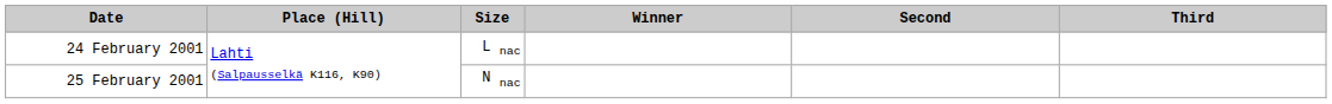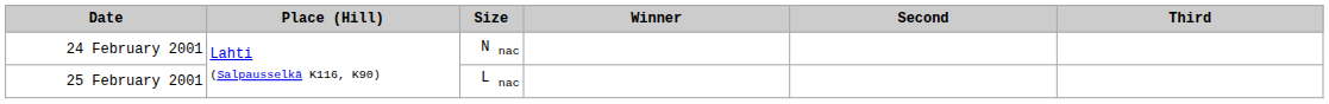 <table class="wikitable plainrowheaders" style="background:#fff; font-size:86%; width:82%; line-height:16px; border:grey solid 1px; border-collapse:collapse;">
 <tr style="background:#ccc; text-align:center;">
 <th scope="col" style="background:#ccc; width:138px;">Date</th>
 <th scope="col" style="background:#ccc; width:175px;">Place (Hill)</th>
 <th scope="col" style="background:#ccc; width:40px;">Size</th>
 <th scope="col" style="background:#ccc; width:185px;">Winner</th>
 <th scope="col" style="background:#ccc; width:185px;">Second</th>
 <th scope="col" style="background:#ccc; width:185px;">Third</th>
 </tr>
 <tr>
 <td align=right>24 February 2001</td>
 <td rowspan=2> <a href='#'>Lahti</a><br><small>(<a href='#'>Salpausselkä</a> K116, K90)</small></td>
-<td align=right>L <sub>nac</sub></td>
+<td align=right>N <sub>nac</sub></td>
 <td></td>
 <td></td>
 <td></td>
 </tr>
 <tr>
 <td align=right>25 February 2001</td>
-<td align=right>N <sub>nac</sub></td>
+<td align=right>L <sub>nac</sub></td>
 <td></td>
 <td></td>
 <td></td>
 </tr>
 </table>
